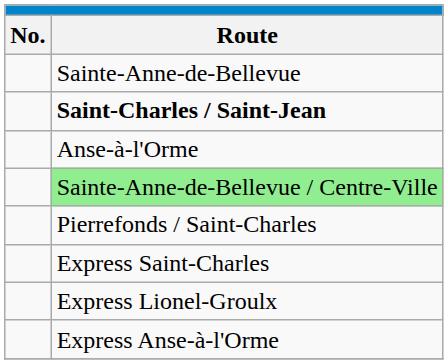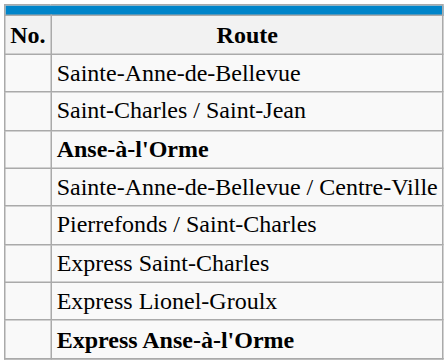 <table align=center class="wikitable">
 <tr>
 <th style="background: #0085CA; font-size:100%; color:#FFFFFF;"colspan="4"><a href='#'></a></th>
 </tr>
 <tr>
 <th>No.</th>
 <th>Route</th>
 </tr>
 <tr>
 <td></td>
 <td>Sainte-Anne-de-Bellevue</td>
 </tr>
 <tr>
 <td></td>
-<td><strong>Saint-Charles / Saint-Jean</strong></td>
+<td>Saint-Charles / Saint-Jean</td>
 </tr>
 <tr>
 <td></td>
-<td>Anse-à-l'Orme</td>
+<td><strong>Anse-à-l'Orme</strong></td>
 </tr>
 <tr>
 <td {{Avoid wrap> </td>
-<td style="background: lightgreen;">Sainte-Anne-de-Bellevue / Centre-Ville</td>
+<td>Sainte-Anne-de-Bellevue / Centre-Ville</td>
 </tr>
 <tr>
 <td {{Avoid wrap> </td>
 <td>Pierrefonds / Saint-Charles</td>
 </tr>
 <tr>
 <td></td>
 <td>Express Saint-Charles</td>
 </tr>
 <tr>
 <td></td>
 <td>Express Lionel-Groulx</td>
 </tr>
 <tr>
 <td></td>
-<td>Express Anse-à-l'Orme</td>
+<td><strong>Express Anse-à-l'Orme</strong></td>
 </tr>
 <tr>
 </tr>
 </table>
